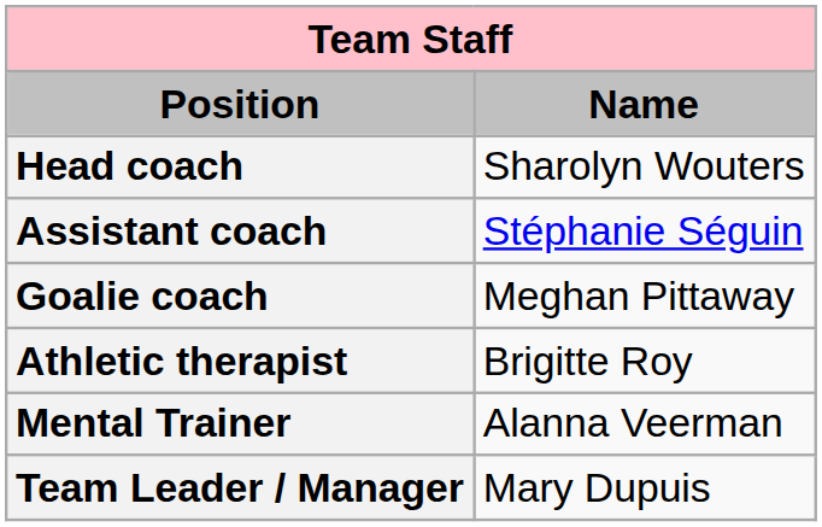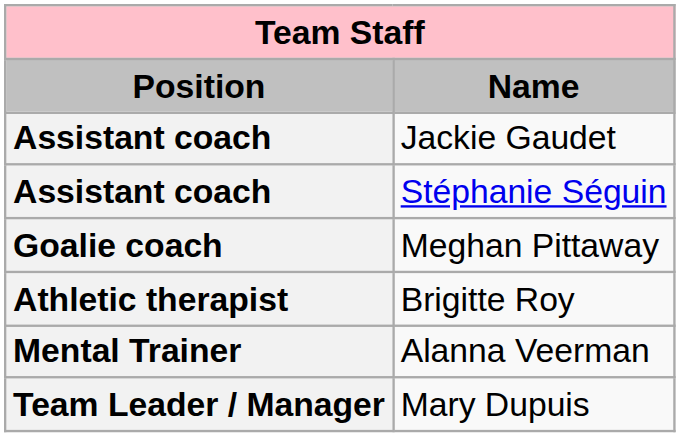 <table class="wikitable" style="text-align:left; font-size:90%;">
 <tr>
 <th style=background:pink colspan=2>Team Staff</th>
 </tr>
 <tr>
 <th style="background:silver;">Position</th>
 <th style="background:silver;">Name</th>
 </tr>
 <tr>
-<th style="text-align:left;">Head coach</th>
-<td>Sharolyn Wouters</td>
+<th style="text-align:left;">Assistant coach</th>
+<td>Jackie Gaudet</td>
 </tr>
 <tr>
 <th style="text-align:left;">Assistant coach</th>
 <td><a href='#'>Stéphanie Séguin</a></td>
 </tr>
 <tr>
 <th style="text-align:left;">Goalie coach</th>
 <td>Meghan Pittaway</td>
 </tr>
 <tr>
 <th style="text-align:left;">Athletic therapist</th>
 <td>Brigitte Roy</td>
 </tr>
 <tr>
 <th style="text-align:left;">Mental Trainer</th>
 <td>Alanna Veerman</td>
 </tr>
 <tr>
 <th style="text-align:left;">Team Leader / Manager</th>
 <td>Mary Dupuis</td>
 </tr>
 </table>
